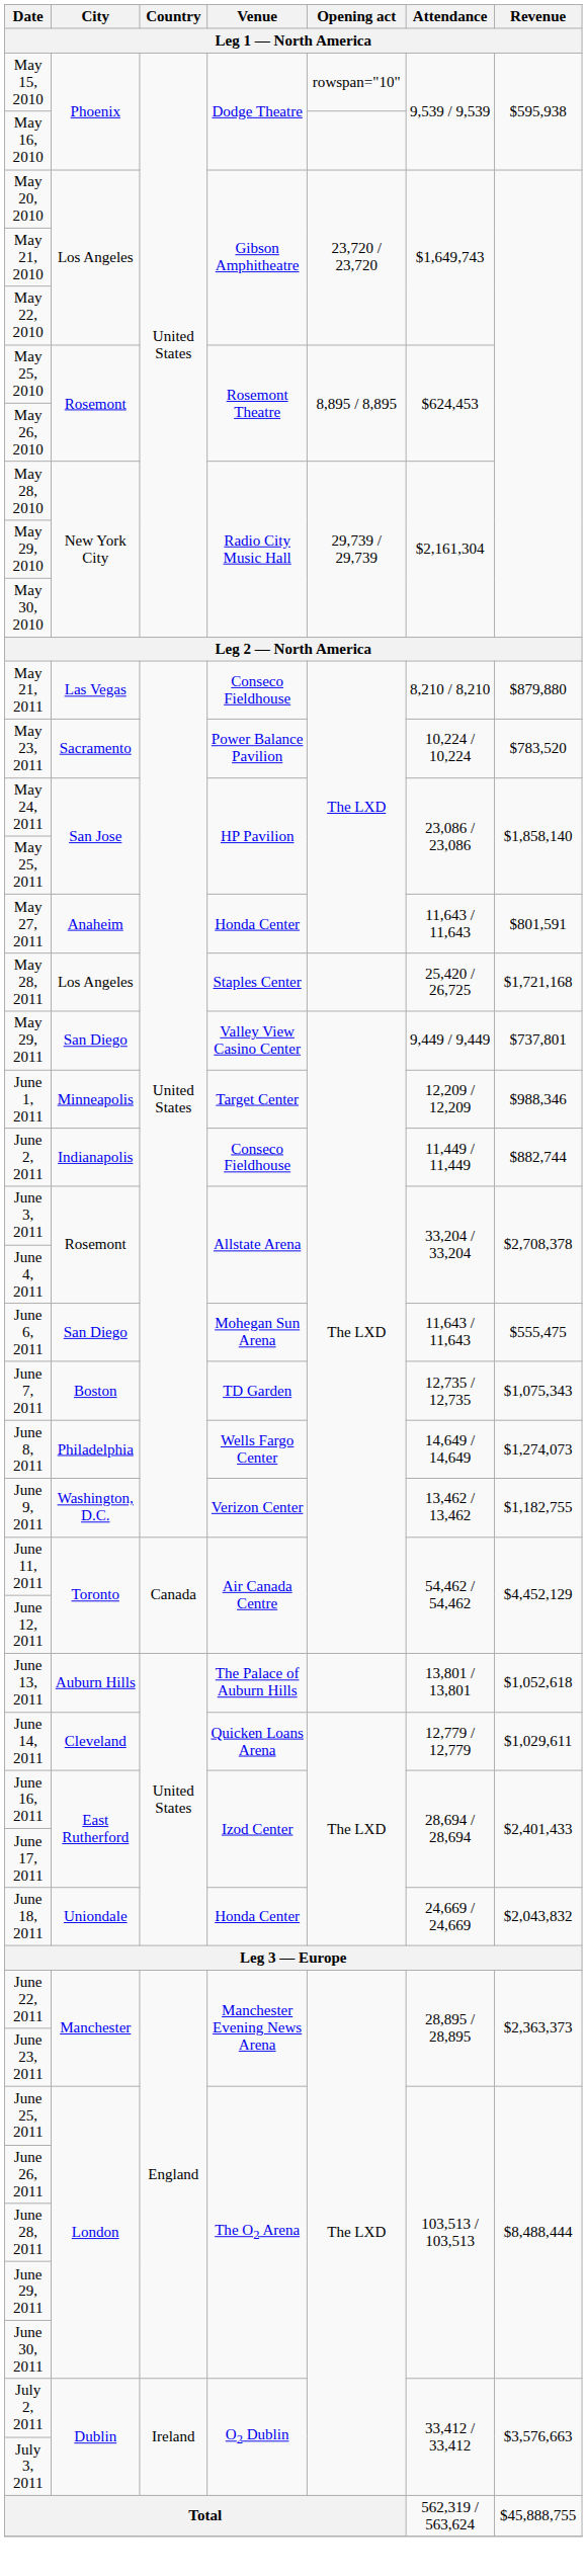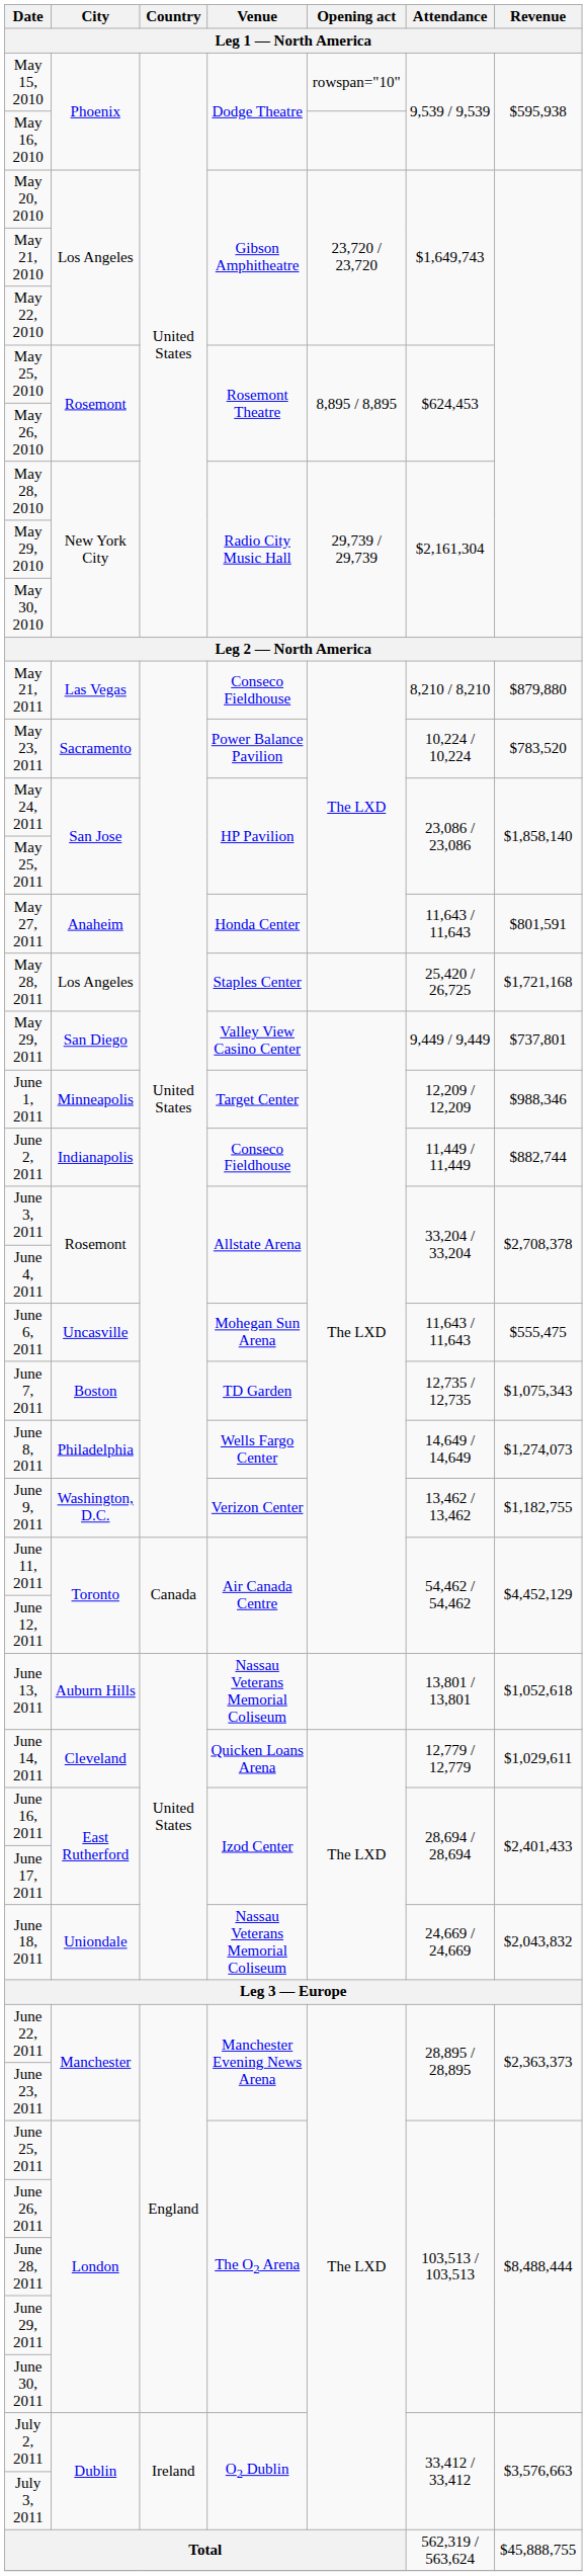 <table class="wikitable" style="text-align:center;">
 <tr>
 <th scope="col" style="width:12em;">Date</th>
 <th scope="col" style="width:10em;">City</th>
 <th scope="col" style="width:10em;">Country</th>
 <th scope="col" style="width:15em;">Venue</th>
 <th scope="col" style="width:10em;">Opening act</th>
 <th scope="col" style="width:12em;">Attendance</th>
 <th scope="col" style="width:10em;">Revenue</th>
 </tr>
 <tr>
 <th colspan="7">Leg 1 — North America</th>
 </tr>
 <tr>
 <td>May 15, 2010</td>
 <td rowspan="2"><a href='#'>Phoenix</a></td>
 <td rowspan="10">United States</td>
 <td rowspan="2"><a href='#'>Dodge Theatre</a></td>
 <td>rowspan="10" </td>
 <td rowspan="2">9,539 / 9,539</td>
 <td rowspan="2">$595,938</td>
 </tr>
 <tr>
 <td>May 16, 2010</td>
 </tr>
 <tr>
 <td>May 20, 2010</td>
 <td rowspan="3">Los Angeles</td>
 <td rowspan="3"><a href='#'>Gibson Amphitheatre</a></td>
 <td rowspan="3">23,720 / 23,720</td>
 <td rowspan="3">$1,649,743</td>
 </tr>
 <tr>
 <td>May 21, 2010</td>
 </tr>
 <tr>
 <td>May 22, 2010</td>
 </tr>
 <tr>
 <td>May 25, 2010</td>
 <td rowspan="2"><a href='#'>Rosemont</a></td>
 <td rowspan="2"><a href='#'>Rosemont Theatre</a></td>
 <td rowspan="2">8,895 / 8,895</td>
 <td rowspan="2">$624,453</td>
 </tr>
 <tr>
 <td>May 26, 2010</td>
 </tr>
 <tr>
 <td>May 28, 2010</td>
 <td rowspan="3">New York City</td>
 <td rowspan="3"><a href='#'>Radio City Music Hall</a></td>
 <td rowspan="3">29,739 / 29,739</td>
 <td rowspan="3">$2,161,304</td>
 </tr>
 <tr>
 <td>May 29, 2010</td>
 </tr>
 <tr>
 <td>May 30, 2010</td>
 </tr>
 <tr>
 <th colspan="7">Leg 2 — North America</th>
 </tr>
 <tr>
 <td>May 21, 2011</td>
 <td><a href='#'>Las Vegas</a></td>
 <td rowspan="15">United States</td>
 <td><a href='#'>Conseco Fieldhouse</a></td>
 <td rowspan="5"><a href='#'>The LXD</a></td>
 <td>8,210 / 8,210</td>
 <td>$879,880</td>
 </tr>
 <tr>
 <td>May 23, 2011</td>
 <td><a href='#'>Sacramento</a></td>
 <td><a href='#'>Power Balance Pavilion</a></td>
 <td>10,224 / 10,224</td>
 <td>$783,520</td>
 </tr>
 <tr>
 <td>May 24, 2011</td>
 <td rowspan="2"><a href='#'>San Jose</a></td>
 <td rowspan="2"><a href='#'>HP Pavilion</a></td>
 <td rowspan="2">23,086 / 23,086</td>
 <td rowspan="2">$1,858,140</td>
 </tr>
 <tr>
 <td>May 25, 2011</td>
 </tr>
 <tr>
 <td>May 27, 2011</td>
 <td><a href='#'>Anaheim</a></td>
 <td><a href='#'>Honda Center</a></td>
 <td>11,643 / 11,643</td>
 <td>$801,591</td>
 </tr>
 <tr>
 <td>May 28, 2011</td>
 <td>Los Angeles</td>
 <td><a href='#'>Staples Center</a></td>
 <td></td>
 <td>25,420 / 26,725</td>
 <td>$1,721,168</td>
 </tr>
 <tr>
 <td>May 29, 2011</td>
 <td><a href='#'>San Diego</a></td>
 <td><a href='#'>Valley View Casino Center</a></td>
 <td rowspan="11">The LXD</td>
 <td>9,449 / 9,449</td>
 <td>$737,801</td>
 </tr>
 <tr>
 <td>June 1, 2011</td>
 <td><a href='#'>Minneapolis</a></td>
 <td><a href='#'>Target Center</a></td>
 <td>12,209 / 12,209</td>
 <td>$988,346</td>
 </tr>
 <tr>
 <td>June 2, 2011</td>
 <td><a href='#'>Indianapolis</a></td>
 <td><a href='#'>Conseco Fieldhouse</a></td>
 <td>11,449 / 11,449</td>
 <td>$882,744</td>
 </tr>
 <tr>
 <td>June 3, 2011</td>
 <td rowspan="2">Rosemont</td>
 <td rowspan="2"><a href='#'>Allstate Arena</a></td>
 <td rowspan="2">33,204 / 33,204</td>
 <td rowspan="2">$2,708,378</td>
 </tr>
 <tr>
 <td>June 4, 2011</td>
 </tr>
 <tr>
 <td>June 6, 2011</td>
-<td><a href='#'>San Diego</a></td>
+<td><a href='#'>Uncasville</a></td>
 <td><a href='#'>Mohegan Sun Arena</a></td>
 <td>11,643 / 11,643</td>
 <td>$555,475</td>
 </tr>
 <tr>
 <td>June 7, 2011</td>
 <td><a href='#'>Boston</a></td>
 <td><a href='#'>TD Garden</a></td>
 <td>12,735 / 12,735</td>
 <td>$1,075,343</td>
 </tr>
 <tr>
 <td>June 8, 2011</td>
 <td><a href='#'>Philadelphia</a></td>
 <td><a href='#'>Wells Fargo Center</a></td>
 <td>14,649 / 14,649</td>
 <td>$1,274,073</td>
 </tr>
 <tr>
 <td>June 9, 2011</td>
 <td><a href='#'>Washington, D.C.</a></td>
 <td><a href='#'>Verizon Center</a></td>
 <td>13,462 / 13,462</td>
 <td>$1,182,755</td>
 </tr>
 <tr>
 <td>June 11, 2011</td>
 <td rowspan="2"><a href='#'>Toronto</a></td>
 <td rowspan="2">Canada</td>
 <td rowspan="2"><a href='#'>Air Canada Centre</a></td>
 <td rowspan="2">54,462 / 54,462</td>
 <td rowspan="2">$4,452,129</td>
 </tr>
 <tr>
 <td>June 12, 2011</td>
 </tr>
 <tr>
 <td>June 13, 2011</td>
 <td><a href='#'>Auburn Hills</a></td>
 <td rowspan="5">United States</td>
-<td><a href='#'>The Palace of Auburn Hills</a></td>
+<td><a href='#'>Nassau Veterans Memorial Coliseum</a></td>
 <td></td>
 <td>13,801 / 13,801</td>
 <td>$1,052,618</td>
 </tr>
 <tr>
 <td>June 14, 2011</td>
 <td><a href='#'>Cleveland</a></td>
 <td><a href='#'>Quicken Loans Arena</a></td>
 <td rowspan="4">The LXD</td>
 <td>12,779 / 12,779</td>
 <td>$1,029,611</td>
 </tr>
 <tr>
 <td>June 16, 2011</td>
 <td rowspan="2"><a href='#'>East Rutherford</a></td>
 <td rowspan="2"><a href='#'>Izod Center</a></td>
 <td rowspan="2">28,694 / 28,694</td>
 <td rowspan="2">$2,401,433</td>
 </tr>
 <tr>
 <td>June 17, 2011</td>
 </tr>
 <tr>
 <td>June 18, 2011</td>
 <td><a href='#'>Uniondale</a></td>
-<td><a href='#'>Honda Center</a></td>
+<td><a href='#'>Nassau Veterans Memorial Coliseum</a></td>
 <td>24,669 / 24,669</td>
 <td>$2,043,832</td>
 </tr>
 <tr>
 <th colspan="7">Leg 3 — Europe</th>
 </tr>
 <tr>
 <td>June 22, 2011</td>
 <td rowspan="2"><a href='#'>Manchester</a></td>
 <td rowspan="7">England</td>
 <td rowspan="2"><a href='#'>Manchester Evening News Arena</a></td>
 <td rowspan="9">The LXD</td>
 <td rowspan="2">28,895 / 28,895</td>
 <td rowspan="2">$2,363,373</td>
 </tr>
 <tr>
 <td>June 23, 2011</td>
 </tr>
 <tr>
 <td>June 25, 2011</td>
 <td rowspan="5"><a href='#'>London</a></td>
 <td rowspan="5"><a href='#'>The O<sub>2</sub> Arena</a></td>
 <td rowspan="5">103,513 / 103,513</td>
 <td rowspan="5">$8,488,444</td>
 </tr>
 <tr>
 <td>June 26, 2011</td>
 </tr>
 <tr>
 <td>June 28, 2011</td>
 </tr>
 <tr>
 <td>June 29, 2011</td>
 </tr>
 <tr>
 <td>June 30, 2011</td>
 </tr>
 <tr>
 <td>July 2, 2011</td>
 <td rowspan="2"><a href='#'>Dublin</a></td>
 <td rowspan="2">Ireland</td>
 <td rowspan="2"><a href='#'>O<sub>2</sub> Dublin</a></td>
 <td rowspan="2">33,412 / 33,412</td>
 <td rowspan="2">$3,576,663</td>
 </tr>
 <tr>
 <td>July 3, 2011</td>
 </tr>
 <tr>
 <th colspan="5">Total</th>
 <td>562,319 / 563,624</td>
 <td>$45,888,755</td>
 </tr>
 <tr>
 </tr>
 </table>
